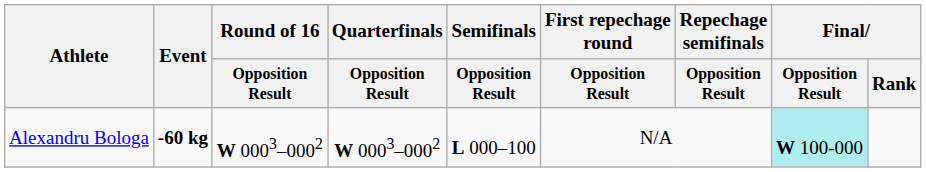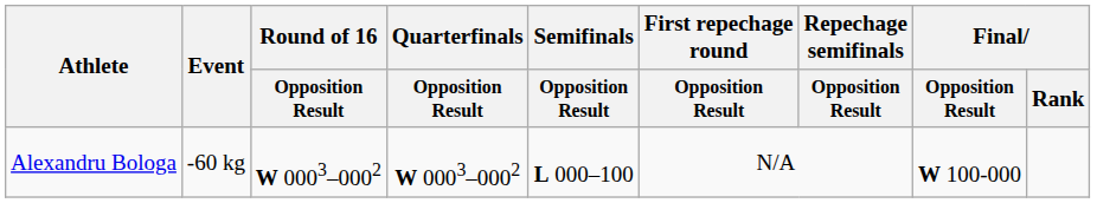 <table class="wikitable" style="font-size:90%">
 <tr>
 <th rowspan="2">Athlete</th>
 <th rowspan="2">Event</th>
 <th>Round of 16</th>
 <th>Quarterfinals</th>
 <th>Semifinals</th>
 <th>First repechage <br>round</th>
 <th>Repechage <br>semifinals</th>
 <th colspan="2">Final/</th>
 </tr>
 <tr>
 <th style="line-height:1em"><small>Opposition<br>Result</small></th>
 <th style="line-height:1em"><small>Opposition<br>Result</small></th>
 <th style="line-height:1em"><small>Opposition<br>Result</small></th>
 <th style="line-height:1em"><small>Opposition<br>Result</small></th>
 <th style="line-height:1em"><small>Opposition<br>Result</small></th>
 <th style="line-height:1em"><small>Opposition<br>Result</small></th>
 <th style="line-height:1em">Rank</th>
 </tr>
 <tr>
 <td><a href='#'>Alexandru Bologa</a></td>
-<td><strong>-60 kg</strong></td>
+<td>-60 kg</td>
 <td align=center><br><strong>W</strong> 000<sup>3</sup>–000<sup>2</sup></td>
 <td align=center><br><strong>W</strong> 000<sup>3</sup>–000<sup>2</sup></td>
 <td align=center><br><strong>L</strong> 000–100</td>
 <td align=center colspan=2>N/A</td>
-<td align=center style="background: paleturquoise;"><br><strong>W</strong> 100-000</td>
+<td align=center><br><strong>W</strong> 100-000</td>
 <td align=center></td>
 </tr>
 </table>
